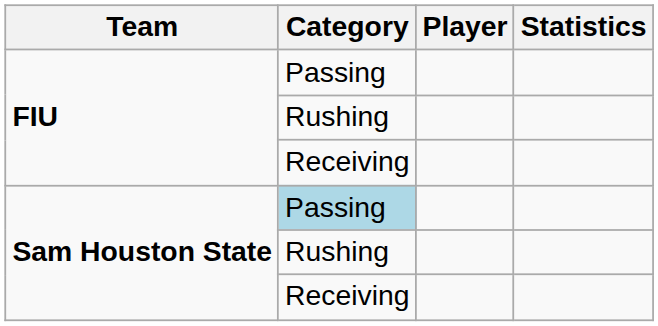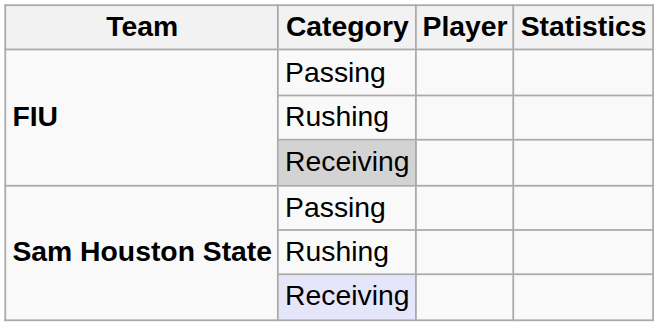 <table class="wikitable" style="float: right;">
 <tr>
 <th>Team</th>
 <th>Category</th>
 <th>Player</th>
 <th>Statistics</th>
 </tr>
 <tr>
 <td rowspan=3><strong>FIU</strong></td>
 <td>Passing</td>
 <td></td>
 <td></td>
 </tr>
 <tr>
 <td>Rushing</td>
 <td></td>
 <td></td>
 </tr>
 <tr>
-<td>Receiving</td>
+<td style="background: lightgrey;">Receiving</td>
 <td></td>
 <td></td>
 </tr>
 <tr>
 <td rowspan=3><strong>Sam Houston State</strong></td>
-<td style="background: lightblue;">Passing</td>
+<td>Passing</td>
 <td></td>
 <td></td>
 </tr>
 <tr>
 <td>Rushing</td>
 <td></td>
 <td></td>
 </tr>
 <tr>
-<td>Receiving</td>
+<td style="background: lavender;">Receiving</td>
 <td></td>
 <td></td>
 </tr>
 </table>
